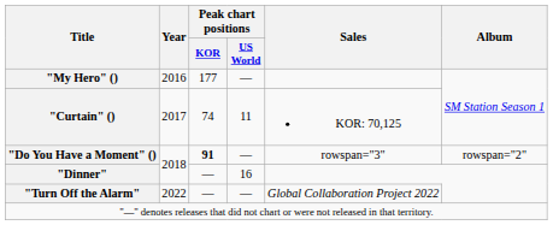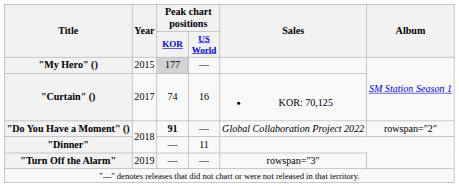 <table class="wikitable plainrowheaders" style="text-align:center">
 <tr>
 <th scope="col" rowspan="2">Title</th>
 <th scope="col" rowspan="2">Year</th>
 <th scope="col" colspan="2">Peak chart positions</th>
 <th scope="col" rowspan="2">Sales<br></th>
 <th scope="col" rowspan="2">Album</th>
 </tr>
 <tr>
 <th scope="col" style="width:3em;font-size:90%"><a href='#'>KOR</a><br></th>
 <th scope="col" style="width:3em;font-size:90%"><a href='#'>US<br>World</a><br></th>
 </tr>
 <tr>
 <th scope="row">"My Hero" ()<br></th>
-<td>2016</td>
-<td>177</td>
+<td>2015</td>
+<td style="background: lightgrey;">177</td>
 <td>—</td>
 <td></td>
 <td rowspan="2"><em><a href='#'>SM Station Season 1</a></em></td>
 </tr>
 <tr>
 <th scope="row">"Curtain" ()<br></th>
 <td>2017</td>
 <td>74</td>
-<td>11</td>
+<td>16</td>
 <td><br><ul><li>KOR: 70,125</li></ul></td>
 </tr>
 <tr>
 <th scope="row">"Do You Have a Moment" ()<br></th>
 <td rowspan="2">2018</td>
 <td><strong>91</strong></td>
 <td>—</td>
-<td>rowspan="3" </td>
+<td><em>Global Collaboration Project 2022</em></td>
 <td>rowspan="2" </td>
 </tr>
 <tr>
 <th scope="row">"Dinner"<br></th>
 <td>—</td>
-<td>16</td>
+<td>11</td>
 </tr>
 <tr>
 <th scope="row">"Turn Off the Alarm"<br></th>
-<td>2022</td>
+<td>2019</td>
 <td>—</td>
 <td>—</td>
-<td><em>Global Collaboration Project 2022</em></td>
+<td>rowspan="3" </td>
 </tr>
 <tr>
 <td colspan="6" style="font-size:85%">"—" denotes releases that did not chart or were not released in that territory.</td>
 </tr>
 </table>
